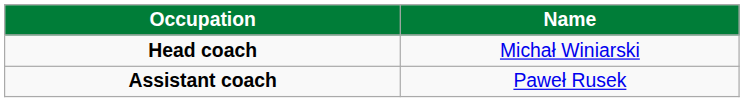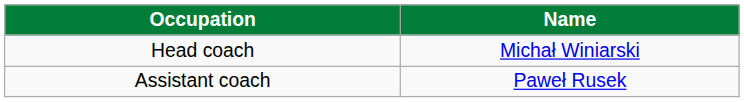 <table class="wikitable" style="font-size:100%; text-align:center">
 <tr>
 <th style="color:#FFFFFF; background-color:#007D38; width:20em">Occupation</th>
 <th colspan="2" style="color:#FFFFFF; background-color:#007D38; width:25em">Name</th>
 </tr>
 <tr>
-<td><strong>Head coach</strong></td>
+<td>Head coach</td>
 <td colspan="2"> <a href='#'>Michał Winiarski</a></td>
 </tr>
 <tr>
-<td><strong>Assistant coach</strong></td>
+<td>Assistant coach</td>
 <td colspan="2"> <a href='#'>Paweł Rusek</a></td>
 </tr>
 </table>
